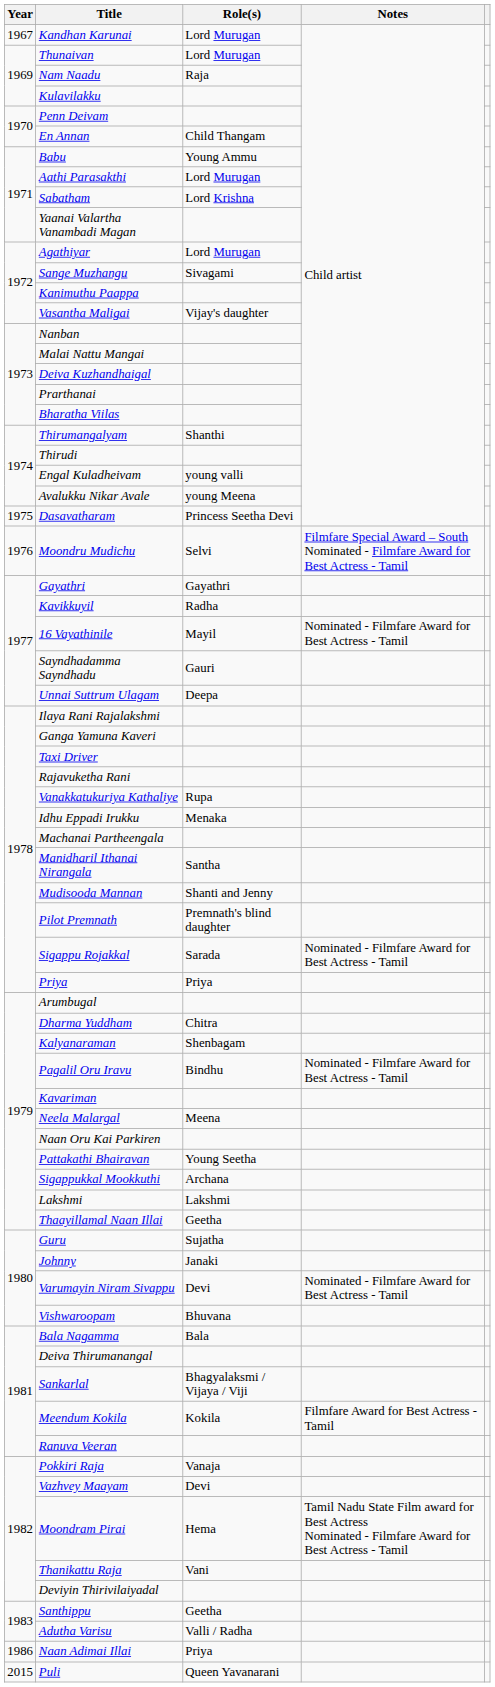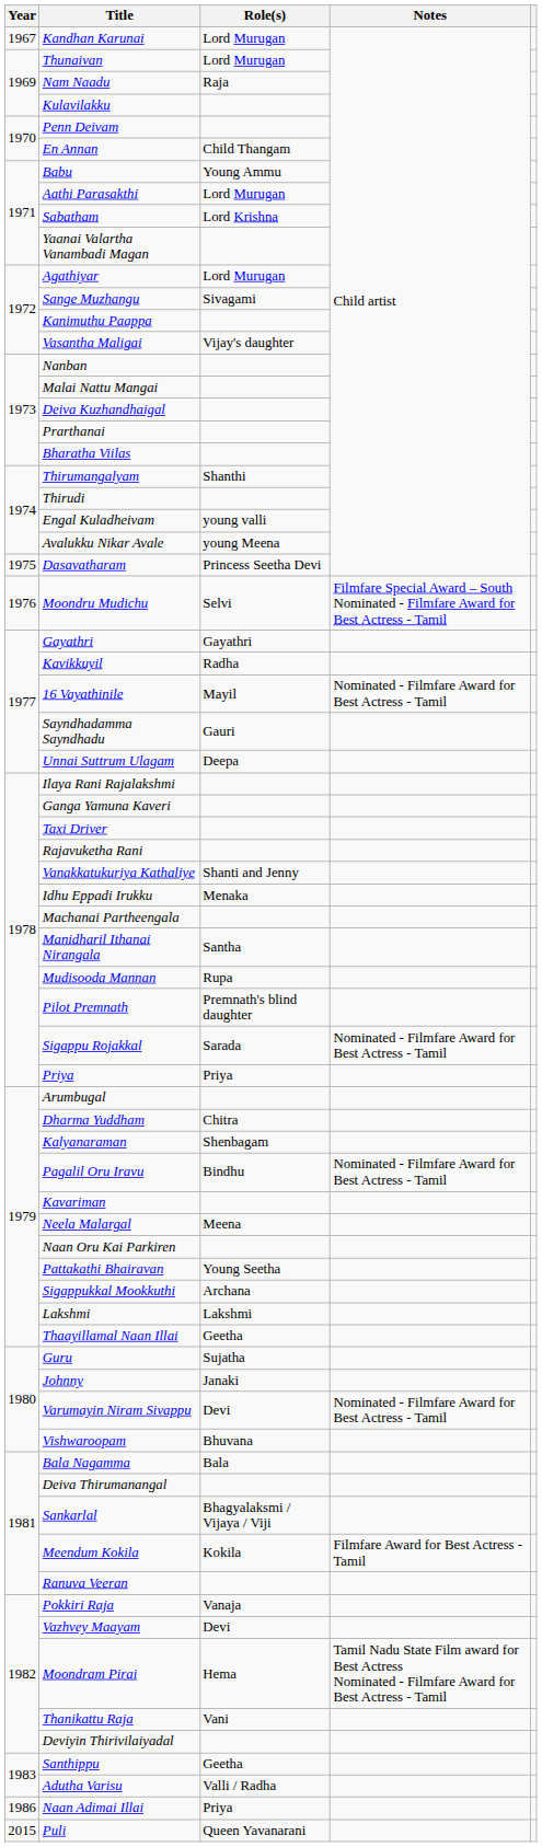 <table class="wikitable plainrowheaders sortable" >
 <tr>
 <th scope="col">Year</th>
 <th scope="col">Title</th>
 <th scope="col">Role(s)</th>
 <th scope="col">Notes</th>
 <th scope="col" class="unsortable"></th>
 </tr>
 <tr>
 <td>1967</td>
 <td><em><a href='#'>Kandhan Karunai</a></em></td>
 <td>Lord <a href='#'>Murugan</a></td>
 <td rowspan="24">Child artist</td>
 <td style="text-align:center;"><br></td>
 </tr>
 <tr>
 <td rowspan="3">1969</td>
 <td><em><a href='#'>Thunaivan</a></em></td>
 <td>Lord <a href='#'>Murugan</a></td>
 <td style="text-align:center;"></td>
 </tr>
 <tr>
 <td><em><a href='#'>Nam Naadu</a></em></td>
 <td>Raja</td>
 <td style="text-align:center;"></td>
 </tr>
 <tr>
 <td><em><a href='#'>Kulavilakku</a></em></td>
 <td></td>
 <td style="text-align:center;"></td>
 </tr>
 <tr>
 <td rowspan="2">1970</td>
 <td><em><a href='#'>Penn Deivam</a></em></td>
 <td></td>
 <td></td>
 </tr>
 <tr>
 <td><em><a href='#'>En Annan</a></em></td>
 <td>Child Thangam</td>
 <td style="text-align:center;"></td>
 </tr>
 <tr>
 <td rowspan="4">1971</td>
 <td><em><a href='#'>Babu</a></em></td>
 <td>Young Ammu</td>
 <td style="text-align:center;"><br></td>
 </tr>
 <tr>
 <td><em><a href='#'>Aathi Parasakthi</a></em></td>
 <td>Lord <a href='#'>Murugan</a></td>
 <td style="text-align:center;"></td>
 </tr>
 <tr>
 <td><em><a href='#'>Sabatham</a></em></td>
 <td>Lord <a href='#'>Krishna</a></td>
 <td style="text-align:center;"></td>
 </tr>
 <tr>
 <td><em>Yaanai Valartha Vanambadi Magan</em></td>
 <td></td>
 <td></td>
 </tr>
 <tr>
 <td rowspan="4">1972</td>
 <td><em><a href='#'>Agathiyar</a></em></td>
 <td>Lord <a href='#'>Murugan</a></td>
 <td style="text-align:center;"></td>
 </tr>
 <tr>
 <td><em><a href='#'>Sange Muzhangu</a></em></td>
 <td>Sivagami</td>
 <td style="text-align:center;"></td>
 </tr>
 <tr>
 <td><em><a href='#'>Kanimuthu Paappa</a> </em></td>
 <td></td>
 <td style="text-align:center;"></td>
 </tr>
 <tr>
 <td><em><a href='#'>Vasantha Maligai</a></em></td>
 <td>Vijay's daughter</td>
 <td style="text-align:center;"></td>
 </tr>
 <tr>
 <td rowspan="5">1973</td>
 <td><em>Nanban</em></td>
 <td></td>
 <td></td>
 </tr>
 <tr>
 <td><em>Malai Nattu Mangai</em></td>
 <td></td>
 <td></td>
 </tr>
 <tr>
 <td><em><a href='#'>Deiva Kuzhandhaigal</a></em></td>
 <td></td>
 <td></td>
 </tr>
 <tr>
 <td><em>Prarthanai</em></td>
 <td></td>
 <td></td>
 </tr>
 <tr>
 <td><em><a href='#'>Bharatha Viilas</a></em></td>
 <td></td>
 <td></td>
 </tr>
 <tr>
 <td rowspan="4">1974</td>
 <td><em><a href='#'>Thirumangalyam</a></em></td>
 <td>Shanthi</td>
 <td></td>
 </tr>
 <tr>
 <td><em>Thirudi</em></td>
 <td></td>
 <td></td>
 </tr>
 <tr>
 <td><em>Engal Kuladheivam</em></td>
 <td>young valli</td>
 <td></td>
 </tr>
 <tr>
 <td><em>Avalukku Nikar Avale</em></td>
 <td>young Meena</td>
 <td></td>
 </tr>
 <tr>
 <td>1975</td>
 <td><em><a href='#'>Dasavatharam</a></em></td>
 <td>Princess Seetha Devi</td>
 <td></td>
 </tr>
 <tr>
 <td>1976</td>
 <td><em><a href='#'>Moondru Mudichu</a></em></td>
 <td>Selvi</td>
 <td><a href='#'>Filmfare Special Award – South</a><br>Nominated - <a href='#'>Filmfare Award for Best Actress - Tamil</a></td>
 <td></td>
 </tr>
 <tr>
 <td rowspan="5">1977</td>
 <td><em><a href='#'>Gayathri</a></em></td>
 <td>Gayathri</td>
 <td></td>
 <td></td>
 </tr>
 <tr>
 <td><em><a href='#'>Kavikkuyil</a></em></td>
 <td>Radha</td>
 <td></td>
 <td></td>
 </tr>
 <tr>
 <td><em><a href='#'>16 Vayathinile</a></em></td>
 <td>Mayil</td>
 <td>Nominated - Filmfare Award for Best Actress - Tamil</td>
 <td style="text-align:center;"></td>
 </tr>
 <tr>
 <td><em>Sayndhadamma Sayndhadu</em></td>
 <td>Gauri</td>
 <td></td>
 <td></td>
 </tr>
 <tr>
 <td><em><a href='#'>Unnai Suttrum Ulagam</a></em></td>
 <td>Deepa</td>
 <td></td>
 <td></td>
 </tr>
 <tr>
 <td rowspan="12">1978</td>
 <td><em>Ilaya Rani Rajalakshmi</em></td>
 <td></td>
 <td></td>
 <td></td>
 </tr>
 <tr>
 <td><em>Ganga Yamuna Kaveri</em></td>
 <td></td>
 <td></td>
 <td></td>
 </tr>
 <tr>
 <td><em><a href='#'>Taxi Driver</a></em></td>
 <td></td>
 <td></td>
 <td></td>
 </tr>
 <tr>
 <td><em>Rajavuketha Rani</em></td>
 <td></td>
 <td></td>
 <td></td>
 </tr>
 <tr>
 <td><em><a href='#'>Vanakkatukuriya Kathaliye</a></em></td>
-<td>Rupa</td>
+<td>Shanti and Jenny</td>
 <td></td>
 <td></td>
 </tr>
 <tr>
 <td><em>Idhu Eppadi Irukku</em></td>
 <td>Menaka</td>
 <td></td>
 <td style="text-align:center;"></td>
 </tr>
 <tr>
 <td><em>Machanai Partheengala</em></td>
 <td></td>
 <td></td>
 <td></td>
 </tr>
 <tr>
 <td><em><a href='#'>Manidharil Ithanai Nirangala</a></em></td>
 <td>Santha</td>
 <td></td>
 <td></td>
 </tr>
 <tr>
 <td><em><a href='#'>Mudisooda Mannan</a></em></td>
-<td>Shanti and Jenny</td>
+<td>Rupa</td>
 <td></td>
 <td></td>
 </tr>
 <tr>
 <td><em><a href='#'>Pilot Premnath</a></em></td>
 <td>Premnath's blind daughter</td>
 <td></td>
 <td></td>
 </tr>
 <tr>
 <td><em><a href='#'>Sigappu Rojakkal</a></em></td>
 <td>Sarada</td>
 <td>Nominated - Filmfare Award for Best Actress - Tamil</td>
 <td></td>
 </tr>
 <tr>
 <td><em><a href='#'>Priya</a></em></td>
 <td>Priya</td>
 <td></td>
 <td></td>
 </tr>
 <tr>
 <td rowspan="11">1979</td>
 <td><em>Arumbugal</em></td>
 <td></td>
 <td></td>
 <td></td>
 </tr>
 <tr>
 <td><em><a href='#'>Dharma Yuddham</a></em></td>
 <td>Chitra</td>
 <td></td>
 <td></td>
 </tr>
 <tr>
 <td><em><a href='#'>Kalyanaraman</a></em></td>
 <td>Shenbagam</td>
 <td></td>
 <td></td>
 </tr>
 <tr>
 <td><em><a href='#'>Pagalil Oru Iravu</a></em></td>
 <td>Bindhu</td>
 <td>Nominated - Filmfare Award for Best Actress - Tamil</td>
 <td></td>
 </tr>
 <tr>
 <td><em><a href='#'>Kavariman</a></em></td>
 <td></td>
 <td></td>
 <td></td>
 </tr>
 <tr>
 <td><em><a href='#'>Neela Malargal</a></em></td>
 <td>Meena</td>
 <td></td>
 <td></td>
 </tr>
 <tr>
 <td><em>Naan Oru Kai Parkiren</em></td>
 <td></td>
 <td></td>
 <td></td>
 </tr>
 <tr>
 <td><em><a href='#'>Pattakathi Bhairavan</a></em></td>
 <td>Young Seetha</td>
 <td></td>
 <td></td>
 </tr>
 <tr>
 <td><em><a href='#'>Sigappukkal Mookkuthi</a></em></td>
 <td>Archana</td>
 <td></td>
 <td></td>
 </tr>
 <tr>
 <td><em>Lakshmi</em></td>
 <td>Lakshmi</td>
 <td></td>
 <td></td>
 </tr>
 <tr>
 <td><em><a href='#'>Thaayillamal Naan Illai</a></em></td>
 <td>Geetha</td>
 <td></td>
 <td></td>
 </tr>
 <tr>
 <td rowspan="4">1980</td>
 <td><em><a href='#'>Guru</a></em></td>
 <td>Sujatha</td>
 <td></td>
 <td></td>
 </tr>
 <tr>
 <td><em><a href='#'>Johnny</a></em></td>
 <td>Janaki</td>
 <td></td>
 <td></td>
 </tr>
 <tr>
 <td><em><a href='#'>Varumayin Niram Sivappu</a></em></td>
 <td>Devi</td>
 <td>Nominated - Filmfare Award for Best Actress - Tamil</td>
 <td></td>
 </tr>
 <tr>
 <td><em><a href='#'>Vishwaroopam</a></em></td>
 <td>Bhuvana</td>
 <td></td>
 <td></td>
 </tr>
 <tr>
 <td rowspan="5">1981</td>
 <td><em><a href='#'>Bala Nagamma</a></em></td>
 <td>Bala</td>
 <td></td>
 <td></td>
 </tr>
 <tr>
 <td><em>Deiva Thirumanangal</em></td>
 <td></td>
 <td></td>
 <td></td>
 </tr>
 <tr>
 <td><em><a href='#'>Sankarlal</a></em></td>
 <td>Bhagyalaksmi / Vijaya / Viji</td>
 <td></td>
 <td></td>
 </tr>
 <tr>
 <td><em><a href='#'>Meendum Kokila</a></em></td>
 <td>Kokila</td>
 <td>Filmfare Award for Best Actress - Tamil</td>
 <td></td>
 </tr>
 <tr>
 <td><em><a href='#'>Ranuva Veeran</a></em></td>
 <td></td>
 <td></td>
 <td></td>
 </tr>
 <tr>
 <td rowspan="5">1982</td>
 <td><em><a href='#'>Pokkiri Raja</a></em></td>
 <td>Vanaja</td>
 <td></td>
 <td></td>
 </tr>
 <tr>
 <td><em><a href='#'>Vazhvey Maayam</a></em></td>
 <td>Devi</td>
 <td></td>
 <td></td>
 </tr>
 <tr>
 <td><em><a href='#'>Moondram Pirai</a></em></td>
 <td>Hema</td>
 <td>Tamil Nadu State Film award for Best Actress<br>Nominated - Filmfare Award for Best Actress - Tamil</td>
 <td></td>
 </tr>
 <tr>
 <td><em><a href='#'>Thanikattu Raja</a></em></td>
 <td>Vani</td>
 <td></td>
 <td></td>
 </tr>
 <tr>
 <td><em>Deviyin Thirivilaiyadal</em></td>
 <td></td>
 <td></td>
 <td></td>
 </tr>
 <tr>
 <td rowspan="2">1983</td>
 <td><em><a href='#'>Santhippu</a></em></td>
 <td>Geetha</td>
 <td></td>
 <td></td>
 </tr>
 <tr>
 <td><em><a href='#'>Adutha Varisu</a></em></td>
 <td>Valli / Radha</td>
 <td></td>
 <td></td>
 </tr>
 <tr>
 <td>1986</td>
 <td><em><a href='#'>Naan Adimai Illai</a></em></td>
 <td>Priya</td>
 <td></td>
 <td></td>
 </tr>
 <tr>
 <td>2015</td>
 <td><em><a href='#'>Puli</a></em></td>
 <td>Queen Yavanarani</td>
 <td></td>
 <td></td>
 </tr>
 </table>
